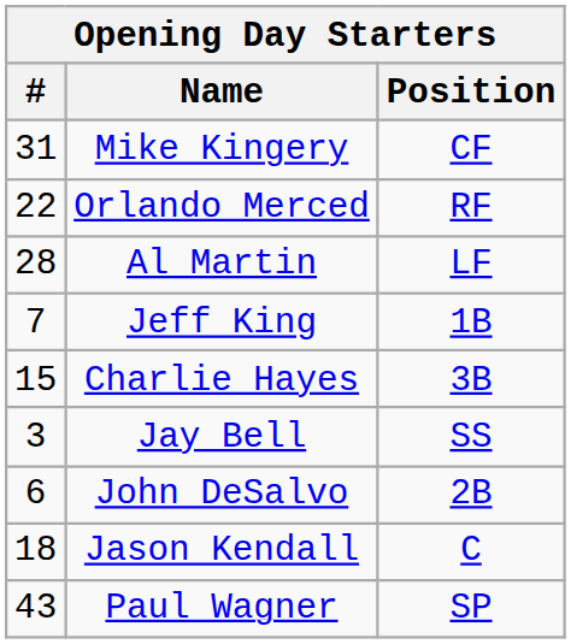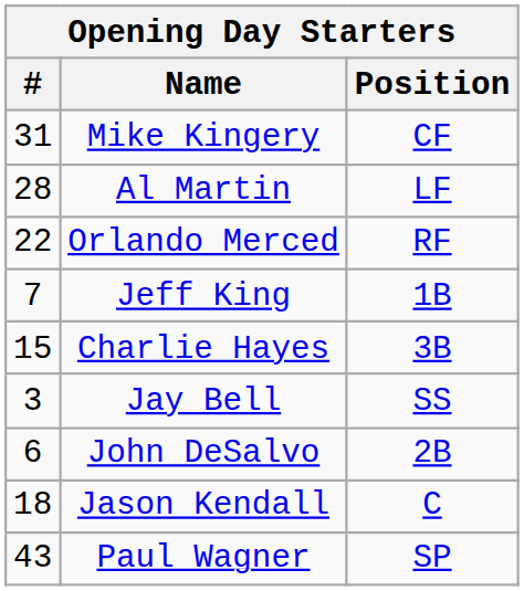 <table class="wikitable" style="text-align:center">
 <tr>
 <th colspan="3">Opening Day Starters</th>
 </tr>
 <tr>
 <th>#</th>
 <th>Name</th>
 <th>Position</th>
 </tr>
 <tr>
 <td>31</td>
 <td><a href='#'>Mike Kingery</a></td>
 <td><a href='#'>CF</a></td>
 </tr>
 <tr>
+<td>28</td>
+<td><a href='#'>Al Martin</a></td>
+<td><a href='#'>LF</a></td>
+</tr>
+<tr>
 <td>22</td>
 <td><a href='#'>Orlando Merced</a></td>
 <td><a href='#'>RF</a></td>
-</tr>
-<tr>
-<td>28</td>
-<td><a href='#'>Al Martin</a></td>
-<td><a href='#'>LF</a></td>
 </tr>
 <tr>
 <td>7</td>
 <td><a href='#'>Jeff King</a></td>
 <td><a href='#'>1B</a></td>
 </tr>
 <tr>
 <td>15</td>
 <td><a href='#'>Charlie Hayes</a></td>
 <td><a href='#'>3B</a></td>
 </tr>
 <tr>
 <td>3</td>
 <td><a href='#'>Jay Bell</a></td>
 <td><a href='#'>SS</a></td>
 </tr>
 <tr>
 <td>6</td>
 <td><a href='#'>John DeSalvo</a></td>
 <td><a href='#'>2B</a></td>
 </tr>
 <tr>
 <td>18</td>
 <td><a href='#'>Jason Kendall</a></td>
 <td><a href='#'>C</a></td>
 </tr>
 <tr>
 <td>43</td>
 <td><a href='#'>Paul Wagner</a></td>
 <td><a href='#'>SP</a></td>
 </tr>
 </table>
